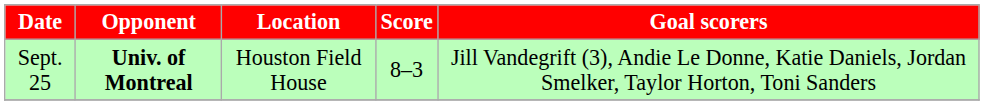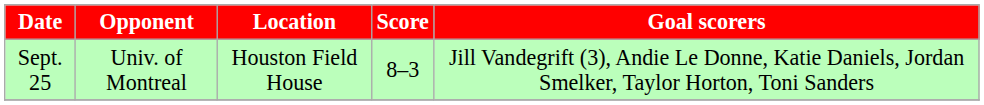 <table class="wikitable" width="80%">
 <tr align="center"  style="background:red;color:white;">
 <td><strong>Date</strong></td>
 <td><strong>Opponent</strong></td>
 <td><strong>Location</strong></td>
 <td><strong>Score</strong></td>
 <td><strong>Goal scorers</strong></td>
 </tr>
 <tr align="center" bgcolor="bbffbb">
 <td>Sept. 25</td>
-<td><strong>Univ. of Montreal</strong></td>
+<td>Univ. of Montreal</td>
 <td>Houston Field House</td>
 <td>8–3</td>
 <td>Jill Vandegrift (3), Andie Le Donne, Katie Daniels, Jordan Smelker, Taylor Horton, Toni Sanders</td>
 </tr>
 <tr align="center" bgcolor="">
 </tr>
 </table>
